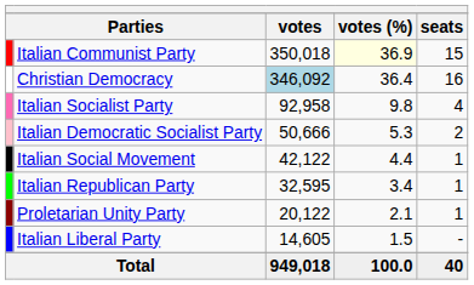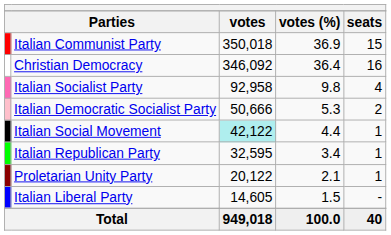 <table class="wikitable" style="font-size:95%">
 <tr>
 <th colspan=5></th>
 </tr>
 <tr>
 </tr>
 <tr bgcolor="EFEFEF">
 <th colspan=2>Parties</th>
 <th>votes</th>
 <th>votes (%)</th>
 <th>seats</th>
 </tr>
 <tr>
 <td bgcolor=Red></td>
 <td><a href='#'>Italian Communist Party</a></td>
 <td align=right>350,018</td>
-<td align=right style="background: lightyellow;">36.9</td>
+<td align=right>36.9</td>
 <td align=right>15</td>
 </tr>
 <tr>
 <td bgcolor=White></td>
 <td><a href='#'>Christian Democracy</a></td>
-<td align=right style="background: lightblue;">346,092</td>
+<td align=right>346,092</td>
 <td align=right>36.4</td>
 <td align=right>16</td>
 </tr>
 <tr>
 <td bgcolor=Hotpink></td>
 <td><a href='#'>Italian Socialist Party</a></td>
 <td align=right>92,958</td>
 <td align=right>9.8</td>
 <td align=right>4</td>
 </tr>
 <tr>
 <td bgcolor=Pink></td>
 <td><a href='#'>Italian Democratic Socialist Party</a></td>
 <td align=right>50,666</td>
 <td align=right>5.3</td>
 <td align=right>2</td>
 </tr>
 <tr>
 <td bgcolor=Black></td>
 <td><a href='#'>Italian Social Movement</a></td>
-<td align=right>42,122</td>
+<td align=right style="background: paleturquoise;">42,122</td>
 <td align=right>4.4</td>
 <td align=right>1</td>
 </tr>
 <tr>
 <td bgcolor=Lime></td>
 <td><a href='#'>Italian Republican Party</a></td>
 <td align=right>32,595</td>
 <td align=right>3.4</td>
 <td align=right>1</td>
 </tr>
 <tr>
 <td bgcolor=Darkred></td>
 <td><a href='#'>Proletarian Unity Party</a></td>
 <td align=right>20,122</td>
 <td align=right>2.1</td>
 <td align=right>1</td>
 </tr>
 <tr>
 <td bgcolor=Blue></td>
 <td><a href='#'>Italian Liberal Party</a></td>
 <td align=right>14,605</td>
 <td align=right>1.5</td>
 <td align=right>-</td>
 </tr>
 <tr>
 </tr>
 <tr bgcolor="EFEFEF">
 <th colspan=2><strong>Total</strong></th>
 <td align=right><strong>949,018</strong></td>
 <td align=right><strong>100.0</strong></td>
 <td align=right><strong>40</strong></td>
 </tr>
 </table>
